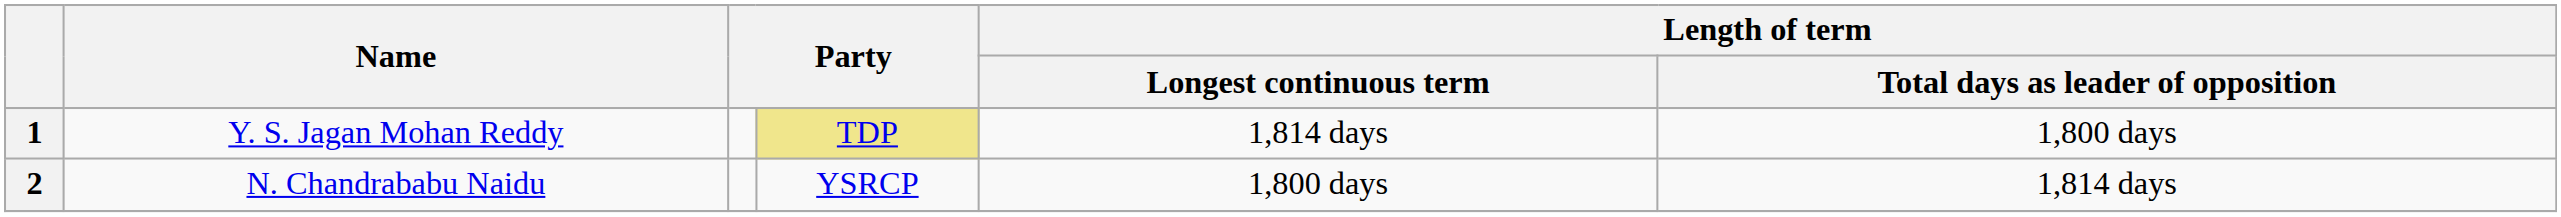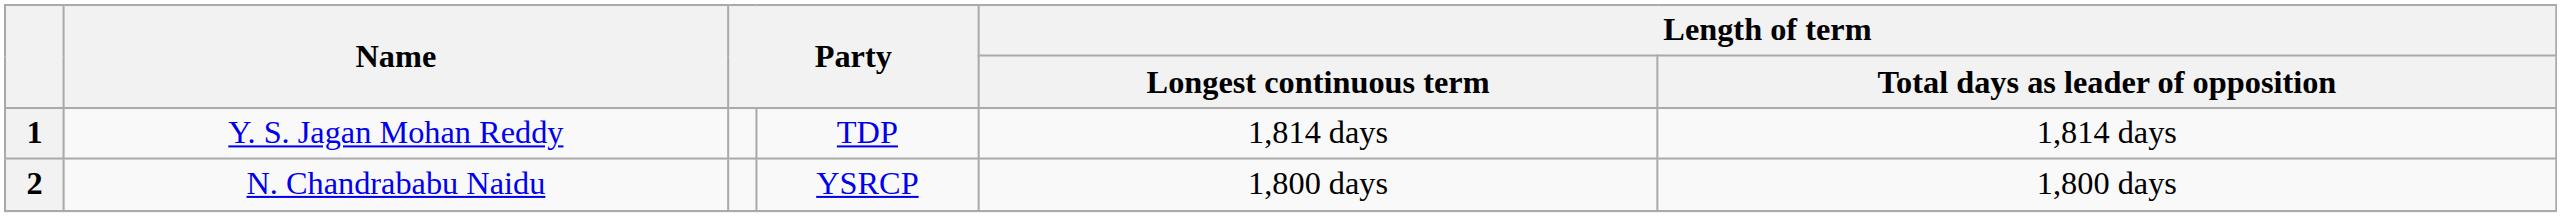 <table class="wikitable sortable" style="width:100%; text-align:center">
 <tr>
 <th data-sort-type=number rowspan = "2"></th>
 <th rowspan = "2">Name</th>
 <th rowspan = "2" colspan="2">Party</th>
 <th colspan = "2">Length of term</th>
 </tr>
 <tr>
 <th>Longest continuous term</th>
 <th>Total days as leader of opposition</th>
 </tr>
 <tr>
 <th data-sort-value="1">1</th>
 <td><a href='#'>Y. S. Jagan Mohan Reddy</a></td>
 <td style="background-color: "></td>
-<td style="background: khaki;"><a href='#'>TDP</a></td>
+<td><a href='#'>TDP</a></td>
 <td>1,814 days</td>
-<td>1,800 days</td>
+<td>1,814 days</td>
 </tr>
 <tr>
 <th data-sort-value="2">2</th>
 <td><a href='#'>N. Chandrababu Naidu</a></td>
 <td style="background-color: "></td>
 <td><a href='#'>YSRCP</a></td>
 <td>1,800 days</td>
-<td>1,814 days</td>
+<td>1,800 days</td>
 </tr>
 <tr>
 </tr>
 </table>
